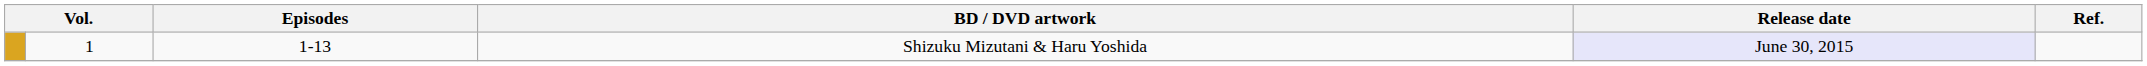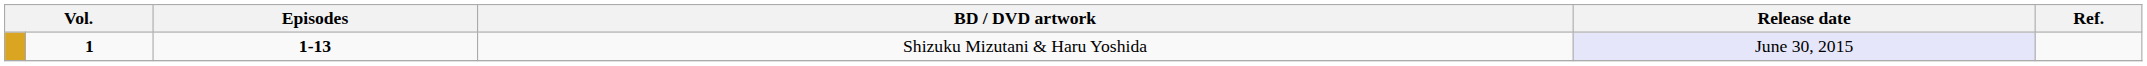 <table class="wikitable" style="text-align: center; width: 98%;">
 <tr>
 <th colspan="2">Vol.</th>
 <th>Episodes</th>
 <th>BD / DVD artwork</th>
 <th>Release date</th>
 <th width="5%">Ref.</th>
 </tr>
 <tr>
 <td width="1%" style="background: Goldenrod;"></td>
-<td>1</td>
-<td>1-13</td>
+<td><strong>1</strong></td>
+<td><strong>1-13</strong></td>
 <td>Shizuku Mizutani & Haru Yoshida</td>
 <td style="background: lavender;">June 30, 2015</td>
 <td></td>
 </tr>
 <tr>
 </tr>
 </table>
